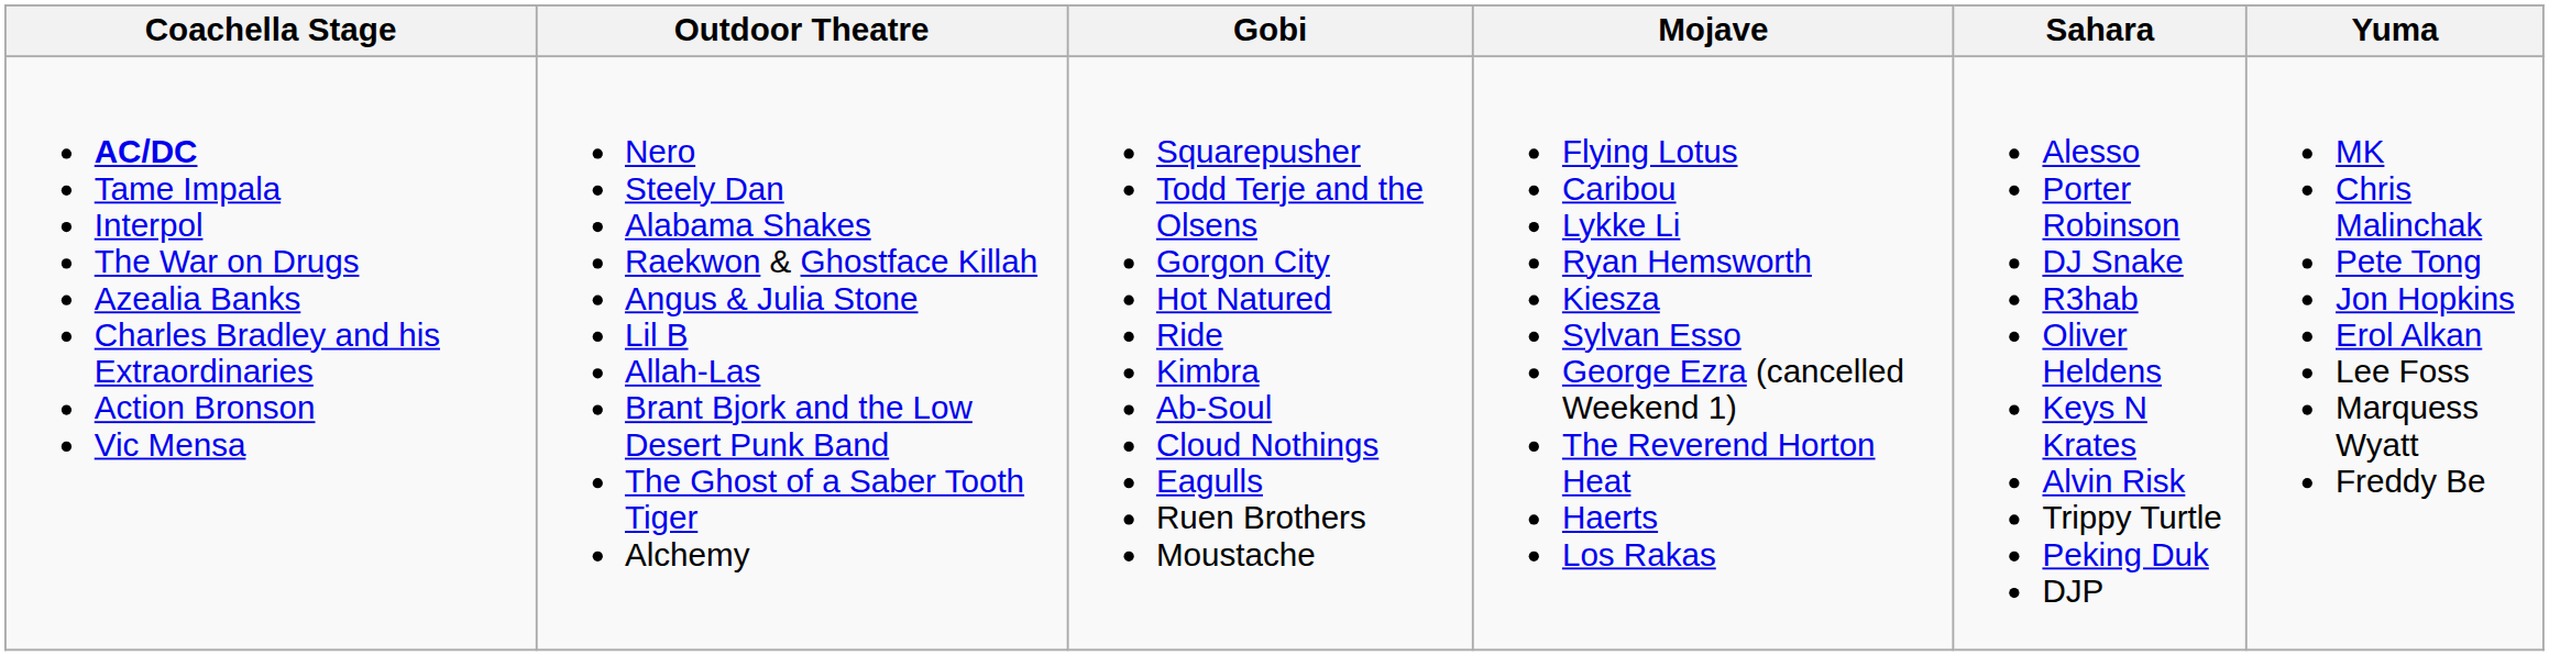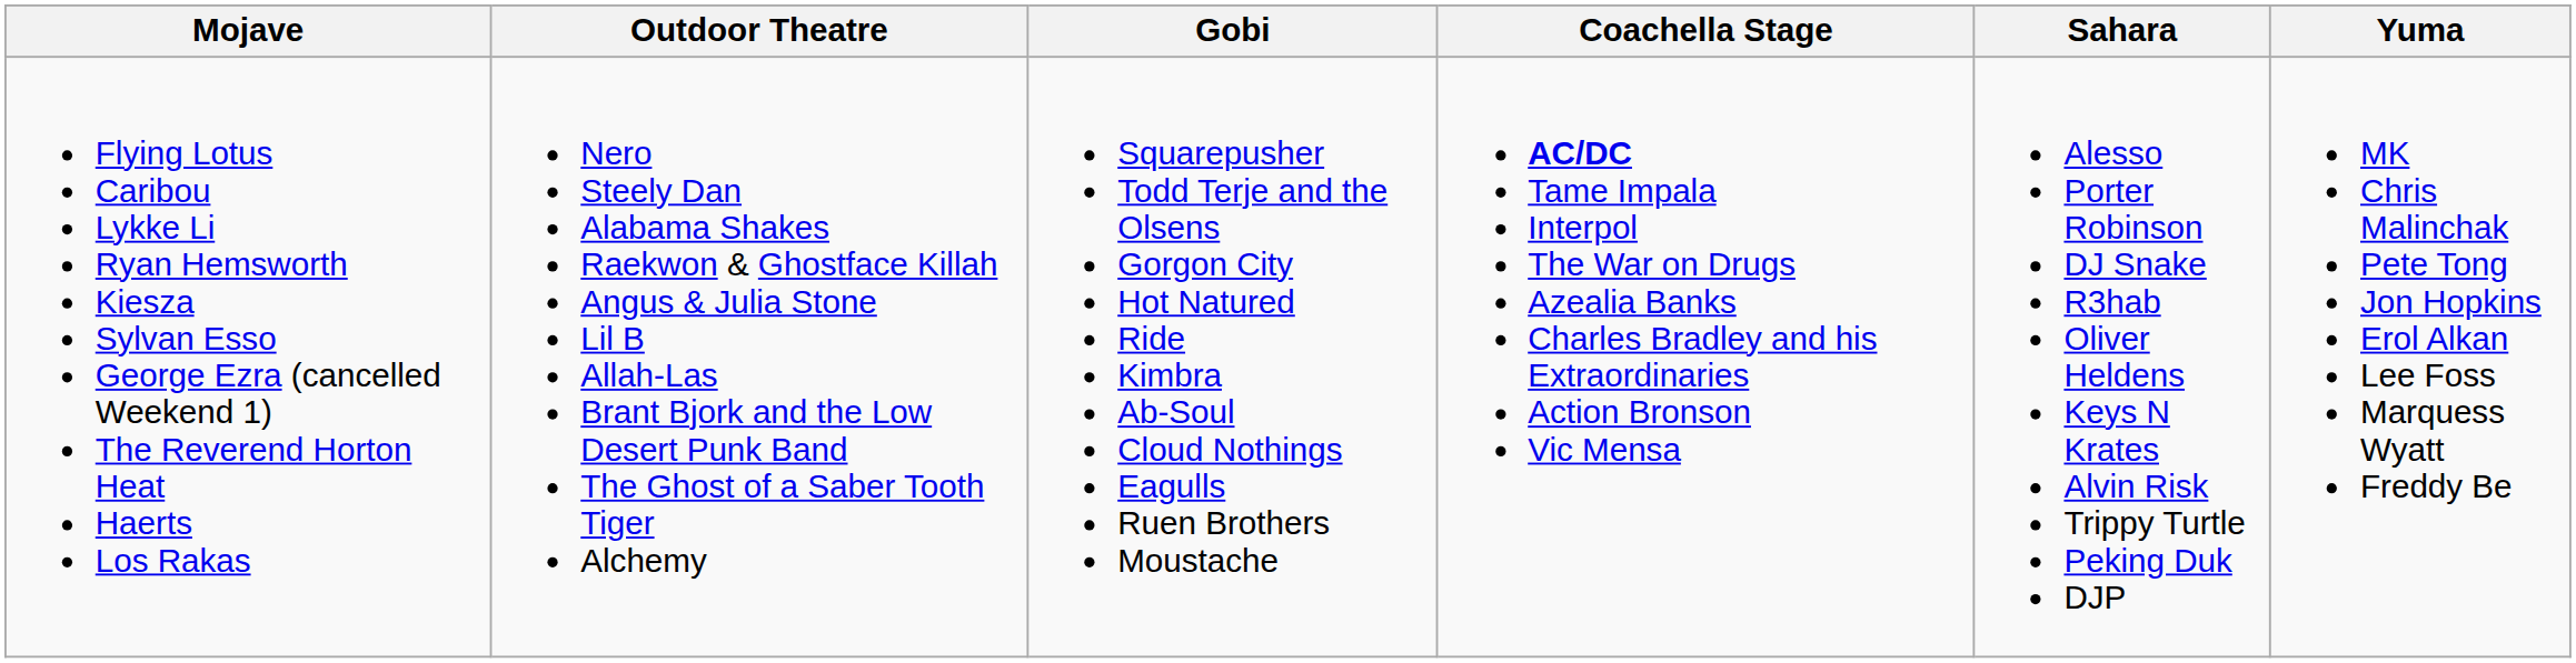 <table class="wikitable">
 <tr>
-<th>Coachella Stage</th>
+<th>Mojave</th>
 <th>Outdoor Theatre</th>
 <th>Gobi</th>
-<th>Mojave</th>
+<th>Coachella Stage</th>
 <th>Sahara</th>
 <th>Yuma</th>
 </tr>
 <tr valign="top">
-<td><br><ul><li><strong><a href='#'>AC/DC</a></strong></li><li><a href='#'>Tame Impala</a></li><li><a href='#'>Interpol</a></li><li><a href='#'>The War on Drugs</a></li><li><a href='#'>Azealia Banks</a></li><li><a href='#'>Charles Bradley and his Extraordinaries</a></li><li><a href='#'>Action Bronson</a></li><li><a href='#'>Vic Mensa</a></li></ul></td>
+<td><br><ul><li><a href='#'>Flying Lotus</a></li><li><a href='#'>Caribou</a></li><li><a href='#'>Lykke Li</a></li><li><a href='#'>Ryan Hemsworth</a></li><li><a href='#'>Kiesza</a></li><li><a href='#'>Sylvan Esso</a></li><li><a href='#'>George Ezra</a> (cancelled Weekend 1)</li><li><a href='#'>The Reverend Horton Heat</a></li><li><a href='#'>Haerts</a></li><li><a href='#'>Los Rakas</a></li></ul></td>
 <td><br><ul><li><a href='#'>Nero</a></li><li><a href='#'>Steely Dan</a></li><li><a href='#'>Alabama Shakes</a></li><li><a href='#'>Raekwon</a> & <a href='#'>Ghostface Killah</a></li><li><a href='#'>Angus & Julia Stone</a></li><li><a href='#'>Lil B</a></li><li><a href='#'>Allah-Las</a></li><li><a href='#'>Brant Bjork and the Low Desert Punk Band</a></li><li><a href='#'>The Ghost of a Saber Tooth Tiger</a></li><li>Alchemy</li></ul></td>
 <td><br><ul><li><a href='#'>Squarepusher</a></li><li><a href='#'>Todd Terje and the Olsens</a></li><li><a href='#'>Gorgon City</a></li><li><a href='#'>Hot Natured</a></li><li><a href='#'>Ride</a></li><li><a href='#'>Kimbra</a></li><li><a href='#'>Ab-Soul</a></li><li><a href='#'>Cloud Nothings</a></li><li><a href='#'>Eagulls</a></li><li>Ruen Brothers</li><li>Moustache</li></ul></td>
-<td><br><ul><li><a href='#'>Flying Lotus</a></li><li><a href='#'>Caribou</a></li><li><a href='#'>Lykke Li</a></li><li><a href='#'>Ryan Hemsworth</a></li><li><a href='#'>Kiesza</a></li><li><a href='#'>Sylvan Esso</a></li><li><a href='#'>George Ezra</a> (cancelled Weekend 1)</li><li><a href='#'>The Reverend Horton Heat</a></li><li><a href='#'>Haerts</a></li><li><a href='#'>Los Rakas</a></li></ul></td>
+<td><br><ul><li><strong><a href='#'>AC/DC</a></strong></li><li><a href='#'>Tame Impala</a></li><li><a href='#'>Interpol</a></li><li><a href='#'>The War on Drugs</a></li><li><a href='#'>Azealia Banks</a></li><li><a href='#'>Charles Bradley and his Extraordinaries</a></li><li><a href='#'>Action Bronson</a></li><li><a href='#'>Vic Mensa</a></li></ul></td>
 <td><br><ul><li><a href='#'>Alesso</a></li><li><a href='#'>Porter Robinson</a></li><li><a href='#'>DJ Snake</a></li><li><a href='#'>R3hab</a></li><li><a href='#'>Oliver Heldens</a></li><li><a href='#'>Keys N Krates</a></li><li><a href='#'>Alvin Risk</a></li><li>Trippy Turtle</li><li><a href='#'>Peking Duk</a></li><li>DJP</li></ul></td>
 <td><br><ul><li><a href='#'>MK</a></li><li><a href='#'>Chris Malinchak</a></li><li><a href='#'>Pete Tong</a></li><li><a href='#'>Jon Hopkins</a></li><li><a href='#'>Erol Alkan</a></li><li>Lee Foss</li><li>Marquess Wyatt</li><li>Freddy Be</li></ul></td>
 </tr>
 </table>
